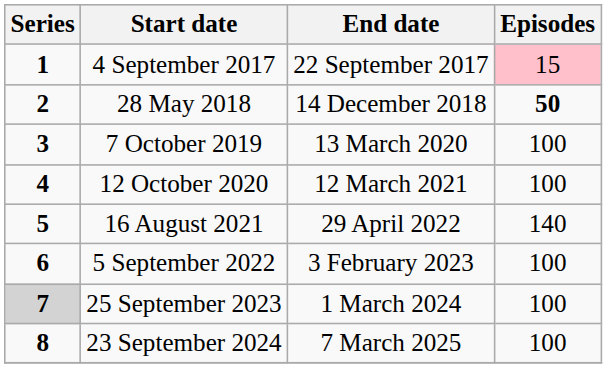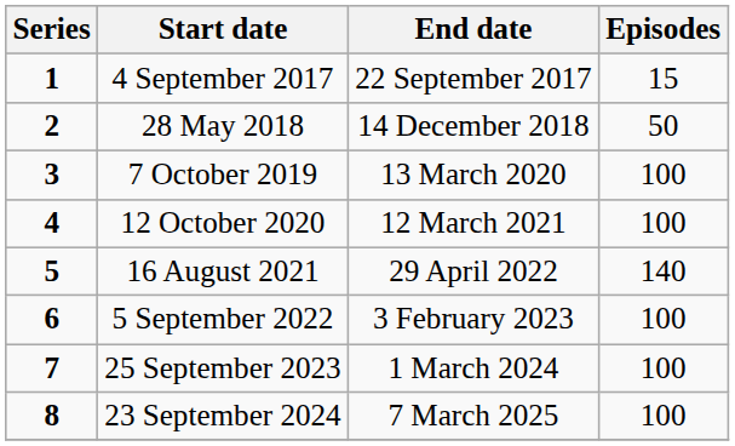 <table class="wikitable" style="text-align:center;">
 <tr>
 <th>Series</th>
 <th>Start date</th>
 <th>End date</th>
 <th>Episodes</th>
 </tr>
 <tr>
 <td><strong>1</strong></td>
 <td>4 September 2017</td>
 <td>22 September 2017</td>
-<td style="background: pink;">15</td>
+<td>15</td>
 </tr>
 <tr>
 <td><strong>2</strong></td>
 <td>28 May 2018</td>
 <td>14 December 2018</td>
-<td><strong>50</strong></td>
+<td>50</td>
 </tr>
 <tr>
 <td><strong>3</strong></td>
 <td>7 October 2019</td>
 <td>13 March 2020</td>
 <td>100</td>
 </tr>
 <tr>
 <td><strong>4</strong></td>
 <td>12 October 2020</td>
 <td>12 March 2021</td>
 <td>100</td>
 </tr>
 <tr>
 <td><strong>5</strong></td>
 <td>16 August 2021</td>
 <td>29 April 2022</td>
 <td>140</td>
 </tr>
 <tr>
 <td><strong>6</strong></td>
 <td>5 September 2022</td>
 <td>3 February 2023</td>
 <td>100</td>
 </tr>
 <tr>
-<td style="background: lightgrey;"><strong>7</strong></td>
+<td><strong>7</strong></td>
 <td>25 September 2023</td>
 <td>1 March 2024</td>
 <td>100</td>
 </tr>
 <tr>
 <td><strong>8</strong></td>
 <td>23 September 2024</td>
 <td>7 March 2025</td>
 <td>100</td>
 </tr>
 <tr>
 </tr>
 </table>
